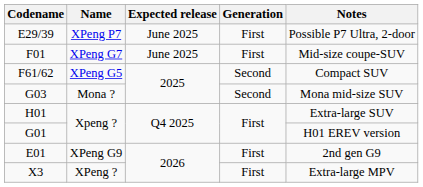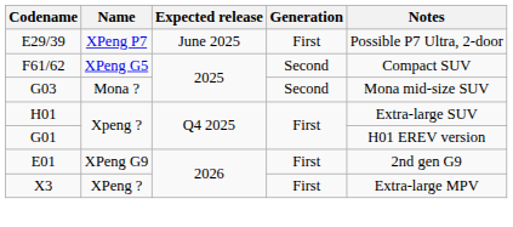 <table class="wikitable" style="text-align: center;">
 <tr>
 <th>Codename</th>
 <th>Name</th>
 <th>Expected release</th>
 <th>Generation</th>
 <th>Notes</th>
 </tr>
 <tr>
 <td>E29/39</td>
 <td><a href='#'>XPeng P7</a></td>
 <td>June 2025</td>
 <td>First</td>
 <td>Possible P7 Ultra, 2-door</td>
-</tr>
-<tr>
-<td>F01</td>
-<td><a href='#'>XPeng G7</a></td>
-<td>June 2025</td>
-<td>First</td>
-<td>Mid-size coupe-SUV</td>
 </tr>
 <tr>
 <td>F61/62</td>
 <td><a href='#'>XPeng G5</a></td>
 <td rowspan="2">2025</td>
 <td>Second</td>
 <td>Compact SUV</td>
 </tr>
 <tr>
 <td>G03</td>
 <td>Mona ?</td>
 <td>Second</td>
 <td>Mona mid-size SUV</td>
 </tr>
 <tr>
 <td>H01</td>
 <td rowspan="2">Xpeng ?</td>
 <td rowspan="2">Q4 2025</td>
 <td rowspan="2">First</td>
 <td>Extra-large SUV</td>
 </tr>
 <tr>
 <td>G01</td>
 <td>H01 EREV version</td>
 </tr>
 <tr>
 <td>E01</td>
 <td>XPeng G9</td>
 <td rowspan="2">2026</td>
 <td>First</td>
 <td>2nd gen G9</td>
 </tr>
 <tr>
 <td>X3</td>
 <td>XPeng ?</td>
 <td>First</td>
 <td>Extra-large MPV</td>
 </tr>
 </table>
